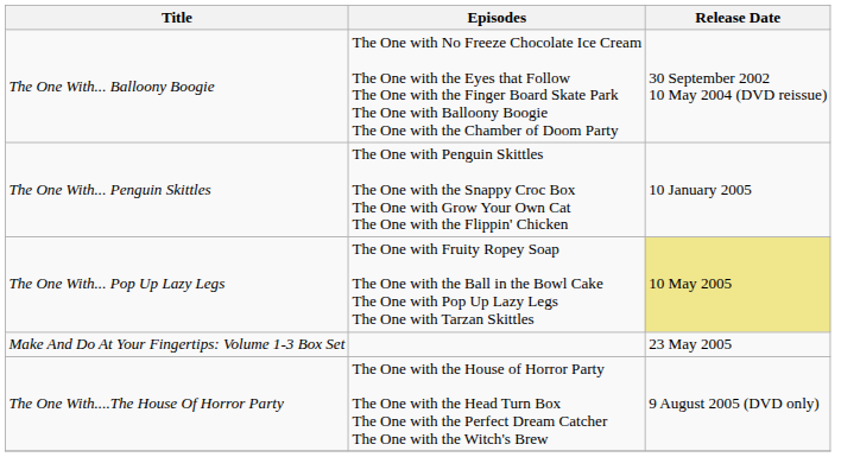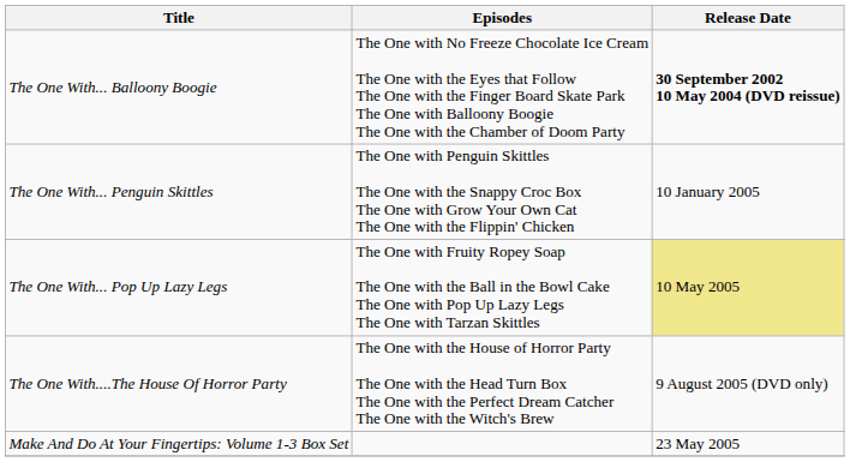 <table class="wikitable">
 <tr>
 <th>Title</th>
 <th>Episodes</th>
 <th>Release Date</th>
 </tr>
 <tr>
 <td><em>The One With... Balloony Boogie</em></td>
 <td>The One with No Freeze Chocolate Ice Cream<br><br>The One with the Eyes that Follow<br> The One with the Finger Board Skate Park<br> The One with Balloony Boogie<br> The One with the Chamber of Doom Party</td>
-<td>30 September 2002<br>10 May 2004 (DVD reissue)</td>
+<td><strong>30 September 2002<br>10 May 2004 (DVD reissue)</strong></td>
 </tr>
 <tr>
 <td><em>The One With... Penguin Skittles</em></td>
 <td>The One with Penguin Skittles<br><br>The One with the Snappy Croc Box<br> The One with Grow Your Own Cat<br> The One with the Flippin' Chicken</td>
 <td>10 January 2005</td>
 </tr>
 <tr>
 <td><em>The One With... Pop Up Lazy Legs</em></td>
 <td>The One with Fruity Ropey Soap<br><br>The One with the Ball in the Bowl Cake<br> The One with Pop Up Lazy Legs<br> The One with Tarzan Skittles</td>
 <td style="background: khaki;">10 May 2005</td>
 </tr>
 <tr>
+<td><em>The One With....The House Of Horror Party</em></td>
+<td>The One with the House of Horror Party<br><br>The One with the Head Turn Box<br> The One with the Perfect Dream Catcher<br> The One with the Witch's Brew</td>
+<td>9 August 2005 (DVD only)</td>
+</tr>
+<tr>
 <td><em>Make And Do At Your Fingertips: Volume 1-3 Box Set</em></td>
 <td></td>
 <td>23 May 2005</td>
 </tr>
 <tr>
-<td><em>The One With....The House Of Horror Party</em></td>
-<td>The One with the House of Horror Party<br><br>The One with the Head Turn Box<br> The One with the Perfect Dream Catcher<br> The One with the Witch's Brew</td>
-<td>9 August 2005 (DVD only)</td>
-</tr>
-<tr>
 </tr>
 </table>
